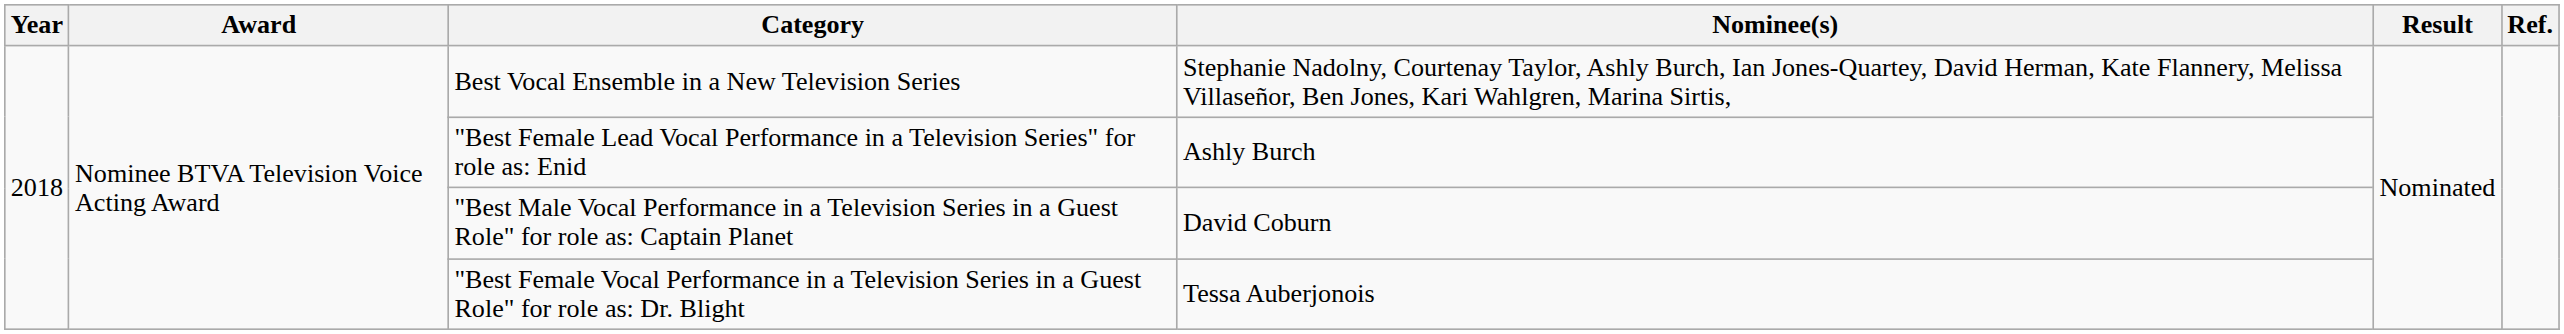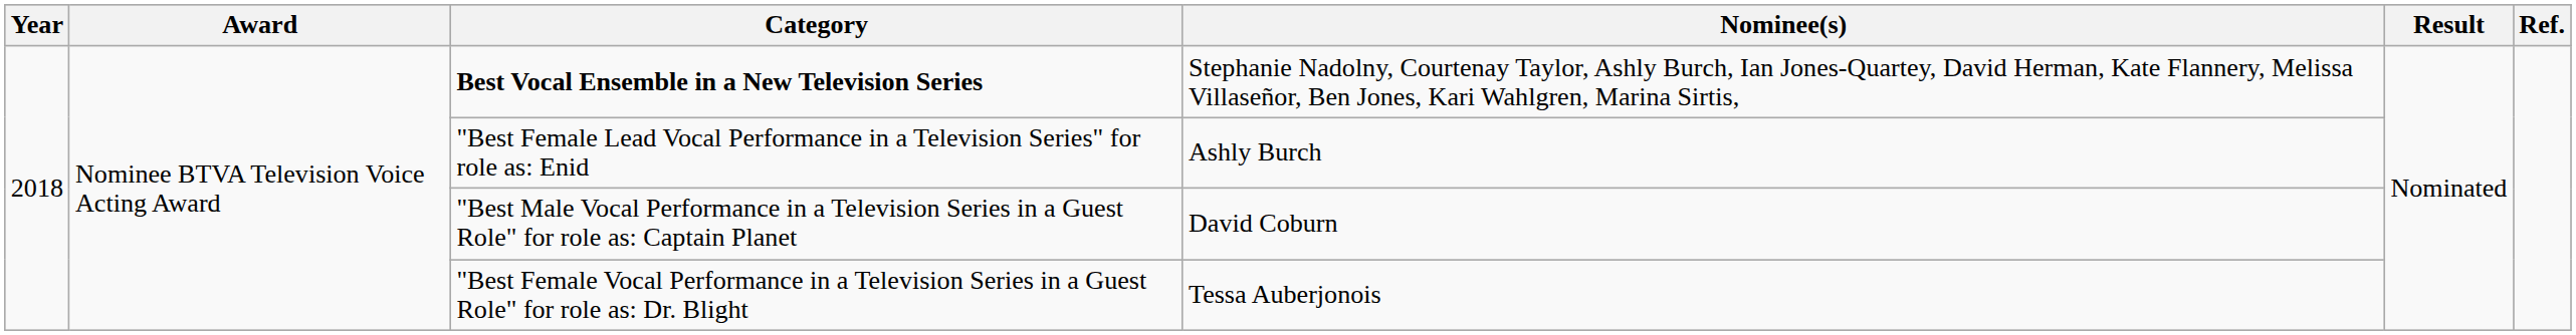 <table class="wikitable">
 <tr>
 <th>Year</th>
 <th>Award</th>
 <th>Category</th>
 <th>Nominee(s)</th>
 <th>Result</th>
 <th>Ref.</th>
 </tr>
 <tr>
 <td rowspan="4">2018</td>
 <td rowspan="4">Nominee BTVA Television Voice Acting Award</td>
-<td>Best Vocal Ensemble in a New Television Series</td>
+<td><strong>Best Vocal Ensemble in a New Television Series</strong></td>
 <td>Stephanie Nadolny, Courtenay Taylor, Ashly Burch, Ian Jones-Quartey, David Herman, Kate Flannery, Melissa Villaseñor, Ben Jones, Kari Wahlgren, Marina Sirtis,</td>
 <td rowspan="4">Nominated</td>
 <td rowspan="4"></td>
 </tr>
 <tr>
 <td>"Best Female Lead Vocal Performance in a Television Series" for role as: Enid</td>
 <td>Ashly Burch</td>
 </tr>
 <tr>
 <td>"Best Male Vocal Performance in a Television Series in a Guest Role" for role as: Captain Planet</td>
 <td>David Coburn</td>
 </tr>
 <tr>
 <td>"Best Female Vocal Performance in a Television Series in a Guest Role" for role as: Dr. Blight</td>
 <td>Tessa Auberjonois</td>
 </tr>
 </table>
